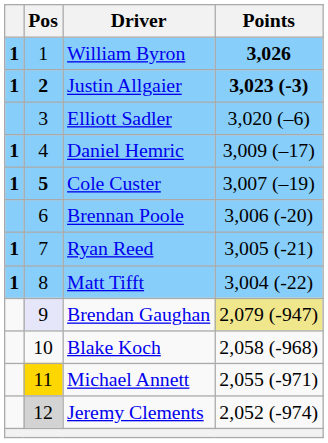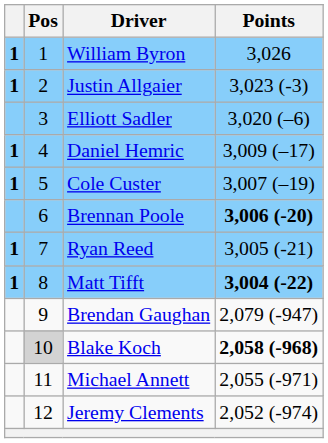 <table class="wikitable" style="font-size: 95%;">
 <tr>
 <th></th>
 <th>Pos</th>
 <th>Driver</th>
 <th>Points</th>
 </tr>
 <tr style="background:#87CEFA;">
 <td align="left"> <strong>1</strong></td>
 <td style="text-align:center;">1</td>
 <td><a href='#'>William Byron</a></td>
-<td style="text-align:center;"><strong>3,026</strong></td>
+<td style="text-align:center;">3,026</td>
 </tr>
 <tr style="background:#87CEFA;">
 <td align="left"> <strong>1</strong></td>
-<td style="text-align:center;"><strong>2</strong></td>
+<td style="text-align:center;">2</td>
 <td><a href='#'>Justin Allgaier</a></td>
-<td style="text-align:center;"><strong>3,023 (-3)</strong></td>
+<td style="text-align:center;">3,023 (-3)</td>
 </tr>
 <tr style="background:#87CEFA;">
 <td align="left"></td>
 <td style="text-align:center;">3</td>
 <td><a href='#'>Elliott Sadler</a></td>
 <td style="text-align:center;">3,020 (–6)</td>
 </tr>
 <tr style="background:#87CEFA;">
 <td align="left">  <strong>1</strong></td>
 <td style="text-align:center;">4</td>
 <td><a href='#'>Daniel Hemric</a></td>
 <td style="text-align:center;">3,009 (–17)</td>
 </tr>
 <tr style="background:#87CEFA;">
 <td align="left"> <strong>1</strong></td>
-<td style="text-align:center;"><strong>5</strong></td>
+<td style="text-align:center;">5</td>
 <td><a href='#'>Cole Custer</a></td>
 <td style="text-align:center;">3,007 (–19)</td>
 </tr>
 <tr style="background:#87CEFA;">
 <td align="left"></td>
 <td style="text-align:center;">6</td>
 <td><a href='#'>Brennan Poole</a></td>
-<td style="text-align:center;">3,006 (-20)</td>
+<td style="text-align:center;"><strong>3,006 (-20)</strong></td>
 </tr>
 <tr style="background:#87CEFA;">
 <td align="left"> <strong>1</strong></td>
 <td style="text-align:center;">7</td>
 <td><a href='#'>Ryan Reed</a></td>
 <td style="text-align:center;">3,005 (-21)</td>
 </tr>
 <tr style="background:#87CEFA;">
 <td align="left"> <strong>1</strong></td>
 <td style="text-align:center;">8</td>
 <td><a href='#'>Matt Tifft</a></td>
-<td style="text-align:center;">3,004 (-22)</td>
+<td style="text-align:center;"><strong>3,004 (-22)</strong></td>
 </tr>
 <tr>
 <td align="left"></td>
-<td style="background: lavender; text-align:center;">9</td>
+<td style="text-align:center;">9</td>
 <td><a href='#'>Brendan Gaughan</a></td>
-<td style="background: khaki; text-align:center;">2,079 (-947)</td>
+<td style="text-align:center;">2,079 (-947)</td>
 </tr>
 <tr>
 <td align="left"></td>
-<td style="text-align:center;">10</td>
+<td style="background: lightgrey; text-align:center;">10</td>
 <td><a href='#'>Blake Koch</a></td>
-<td style="text-align:center;">2,058 (-968)</td>
+<td style="text-align:center;"><strong>2,058 (-968)</strong></td>
 </tr>
 <tr>
 <td align="left"></td>
-<td style="background: gold; text-align:center;">11</td>
+<td style="text-align:center;">11</td>
 <td><a href='#'>Michael Annett</a></td>
 <td style="text-align:center;">2,055 (-971)</td>
 </tr>
 <tr>
 <td align="left"></td>
-<td style="background: lightgrey; text-align:center;">12</td>
+<td style="text-align:center;">12</td>
 <td><a href='#'>Jeremy Clements</a></td>
 <td style="text-align:center;">2,052 (-974)</td>
 </tr>
 <tr class="sortbottom">
 <th colspan="9"></th>
 </tr>
 </table>
